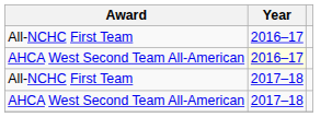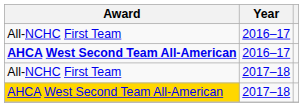 <table class="wikitable">
 <tr>
 <th>Award</th>
 <th>Year</th>
 <th></th>
 </tr>
 <tr>
 <td>All-<a href='#'>NCHC</a> <a href='#'>First Team</a></td>
 <td><a href='#'>2016–17</a></td>
 <td></td>
 </tr>
 <tr>
-<td><a href='#'>AHCA</a> <a href='#'>West Second Team All-American</a></td>
-<td style="background: lightyellow;"><a href='#'>2016–17</a></td>
+<td><strong><a href='#'>AHCA</a> <a href='#'>West Second Team All-American</a></strong></td>
+<td><a href='#'>2016–17</a></td>
 <td></td>
 </tr>
 <tr>
 <td>All-<a href='#'>NCHC</a> <a href='#'>First Team</a></td>
 <td><a href='#'>2017–18</a></td>
 <td></td>
 </tr>
 <tr>
-<td><a href='#'>AHCA</a> <a href='#'>West Second Team All-American</a></td>
+<td style="background: gold;"><a href='#'>AHCA</a> <a href='#'>West Second Team All-American</a></td>
 <td><a href='#'>2017–18</a></td>
 <td></td>
 </tr>
 <tr>
 </tr>
 </table>
